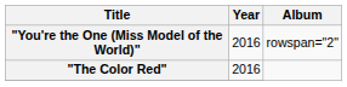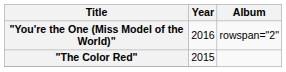 <table class="wikitable plainrowheaders" style="text-align:center;">
 <tr>
 <th scope="col" style="width:17em;">Title</th>
 <th scope="col" style="width:1em;">Year</th>
 <th scope="col">Album</th>
 </tr>
 <tr>
 <th scope="row">"You're the One (Miss Model of the World)"</th>
 <td>2016</td>
 <td>rowspan="2" </td>
 </tr>
 <tr>
 <th scope="row">"The Color Red"</th>
-<td>2016</td>
+<td>2015</td>
 </tr>
 <tr>
 </tr>
 </table>
